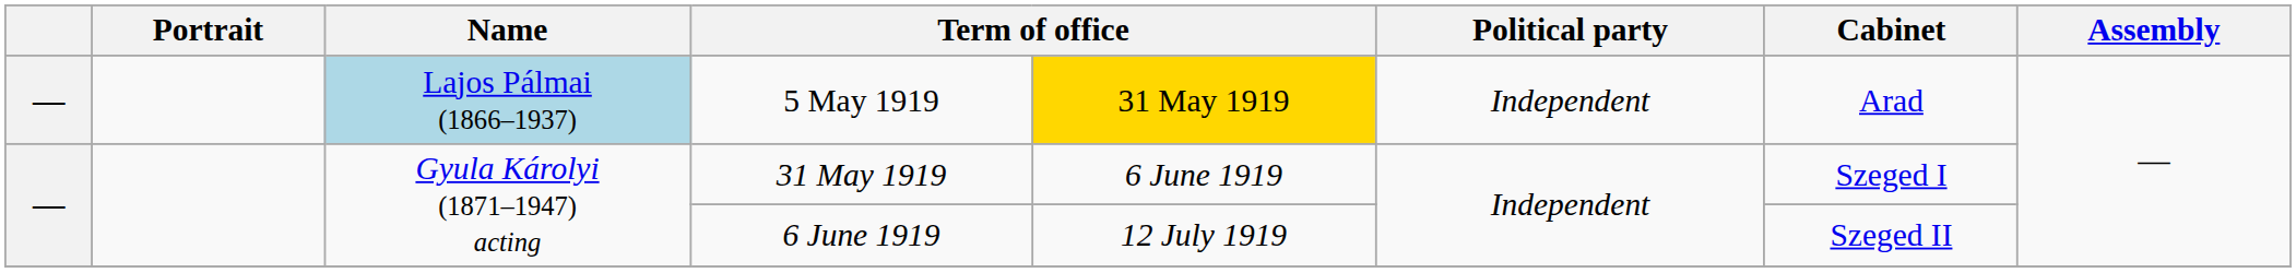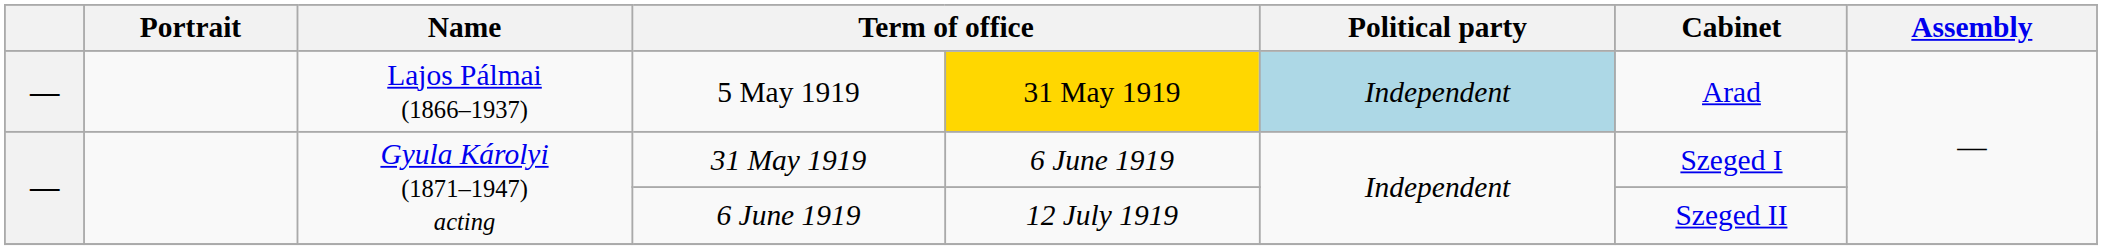 <table class="wikitable" style="width:90%; text-align:center;">
 <tr>
 <th></th>
 <th>Portrait</th>
 <th>Name<br></th>
 <th colspan=2>Term of office</th>
 <th>Political party</th>
 <th>Cabinet</th>
 <th><a href='#'>Assembly</a><br></th>
 </tr>
 <tr>
 <th style="background:">—</th>
 <td></td>
-<td style="background: lightblue;"><a href='#'>Lajos Pálmai</a><br><small>(1866–1937)</small></td>
+<td><a href='#'>Lajos Pálmai</a><br><small>(1866–1937)</small></td>
 <td>5 May 1919</td>
 <td style="background: gold;">31 May 1919</td>
-<td><em>Independent</em></td>
+<td style="background: lightblue;"><em>Independent</em></td>
 <td><a href='#'>Arad</a></td>
 <td rowspan="3">—</td>
 </tr>
 <tr>
 <th rowspan="2" style="background:">—</th>
 <td rowspan="2"></td>
 <td rowspan="2"><em><a href='#'>Gyula Károlyi</a></em><br><small>(1871–1947)<br><em>acting</em></small></td>
 <td><em>31 May 1919</em></td>
 <td><em>6 June 1919</em></td>
 <td rowspan="2"><em>Independent</em></td>
 <td><a href='#'>Szeged I</a></td>
 </tr>
 <tr>
 <td><em>6 June 1919</em></td>
 <td><em>12 July 1919</em></td>
 <td><a href='#'>Szeged II</a></td>
 </tr>
 <tr>
 </tr>
 </table>
